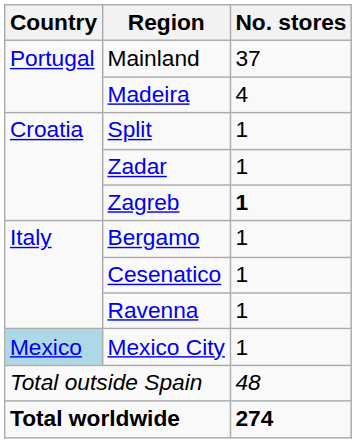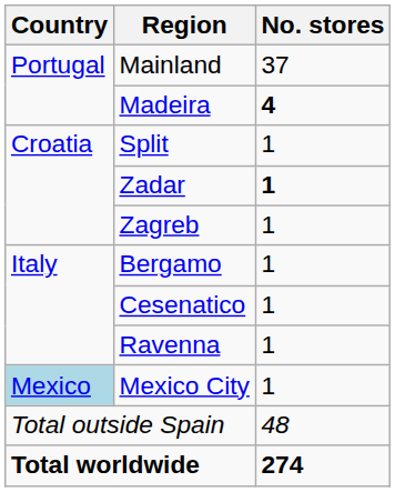 <table class="wikitable">
 <tr>
 <th>Country</th>
 <th>Region</th>
 <th>No. stores</th>
 </tr>
 <tr>
 <td rowspan=2 style=vertical-align:top> <a href='#'>Portugal</a></td>
 <td>Mainland</td>
 <td>37</td>
 </tr>
 <tr>
 <td><a href='#'>Madeira</a></td>
-<td>4</td>
+<td><strong>4</strong></td>
 </tr>
 <tr>
 <td rowspan=3 style=vertical-align:top> <a href='#'>Croatia</a></td>
 <td><a href='#'>Split</a></td>
 <td>1</td>
 </tr>
 <tr>
 <td><a href='#'>Zadar</a></td>
-<td>1</td>
+<td><strong>1</strong></td>
 </tr>
 <tr>
 <td><a href='#'>Zagreb</a></td>
-<td><strong>1</strong></td>
+<td>1</td>
 </tr>
 <tr>
 <td rowspan=3 style=vertical-align:top> <a href='#'>Italy</a></td>
 <td><a href='#'>Bergamo</a></td>
 <td>1</td>
 </tr>
 <tr>
 <td><a href='#'>Cesenatico</a></td>
 <td>1</td>
 </tr>
 <tr>
 <td><a href='#'>Ravenna</a></td>
 <td>1</td>
 </tr>
 <tr>
 <td style="background: lightblue;"> <a href='#'>Mexico</a></td>
 <td><a href='#'>Mexico City</a></td>
 <td>1</td>
 </tr>
 <tr>
 <td colspan=2><em>Total outside Spain</em></td>
 <td><em>48</em></td>
 </tr>
 <tr>
 <td colspan=2><strong>Total worldwide</strong></td>
 <td><strong>274</strong></td>
 </tr>
 </table>
